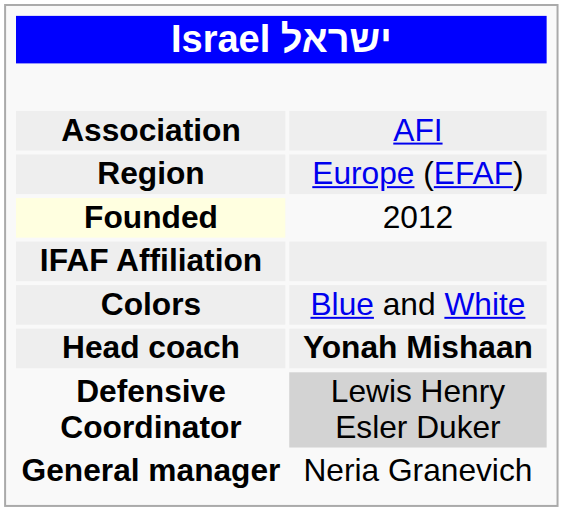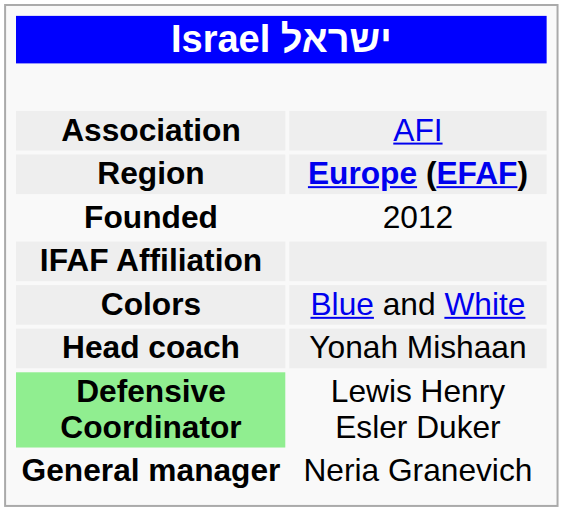 <table class="infobox" width=280>
 <tr align="center" style="background:#0000FF;color:white">
 <td colspan=4 style="text-align:center;"><big> <strong>Israel  ישראל</strong></big></td>
 </tr>
 <tr align="center">
 <td colspan=1><br></td>
 <td></td>
 </tr>
 <tr align="center" bgcolor="#eeeeee">
 <td><strong>Association</strong></td>
 <td><a href='#'>AFI</a></td>
 </tr>
 <tr align="center" bgcolor="#eeeeee">
 <td><strong>Region</strong></td>
-<td><a href='#'>Europe</a> (<a href='#'>EFAF</a>)</td>
+<td><strong><a href='#'>Europe</a> (<a href='#'>EFAF</a>)</strong></td>
 </tr>
 <tr align="center">
-<td style="background: lightyellow;"><strong>Founded</strong></td>
+<td><strong>Founded</strong></td>
 <td>2012</td>
 </tr>
 <tr align="center" bgcolor="#eeeeee">
 <td><strong>IFAF Affiliation</strong></td>
 <td></td>
 </tr>
 <tr align="center" bgcolor="#eeeeee">
 <td><strong>Colors</strong></td>
 <td><a href='#'>Blue</a> and <a href='#'>White</a></td>
 </tr>
 <tr align="center" bgcolor="#eeeeee">
 <td><strong>Head coach</strong></td>
-<td><strong>Yonah Mishaan</strong></td>
+<td>Yonah Mishaan</td>
 </tr>
 <tr align="center">
-<td><strong>Defensive Coordinator</strong></td>
-<td style="background: lightgrey;">Lewis Henry Esler Duker</td>
+<td style="background: lightgreen;"><strong>Defensive Coordinator</strong></td>
+<td>Lewis Henry Esler Duker</td>
 </tr>
 <tr align="center">
 <td><strong>General manager</strong></td>
 <td>Neria Granevich</td>
 </tr>
 <tr align="center" bgcolor="#eeeeee">
 </tr>
 </table>
